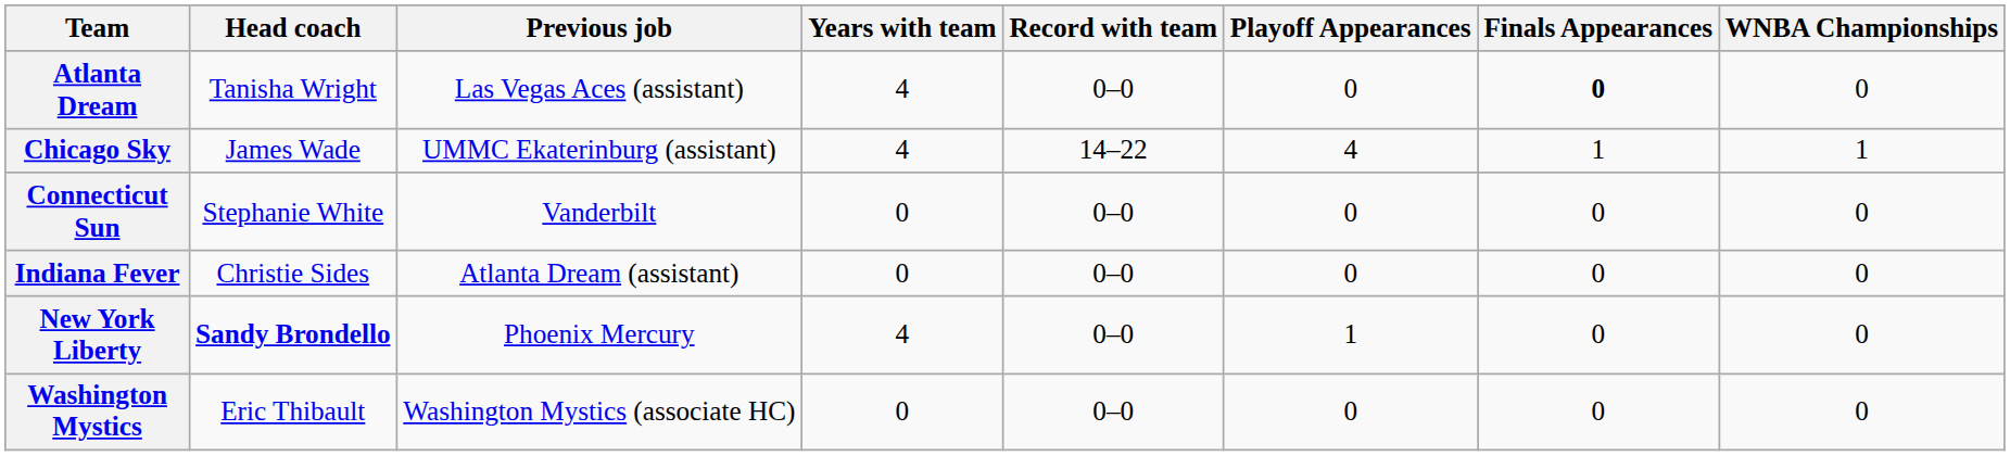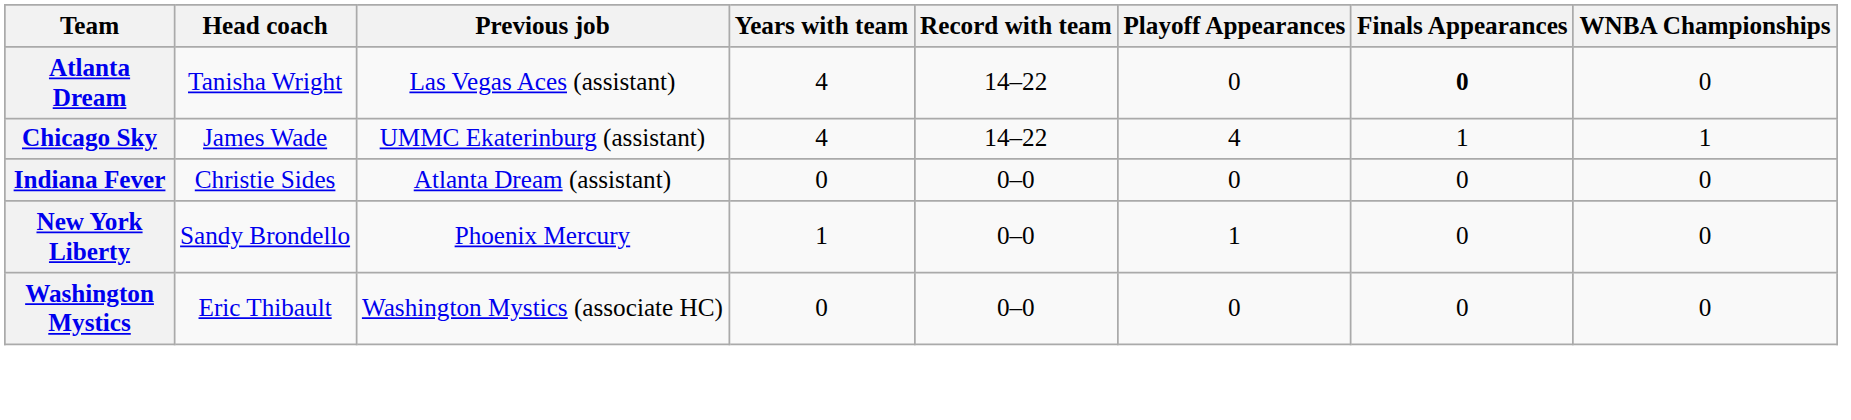 <table class="wikitable sortable" style="text-align: center;font-size:90%;">
 <tr>
 <th width="90">Team</th>
 <th>Head coach</th>
 <th>Previous job</th>
 <th>Years with team</th>
 <th>Record with team</th>
 <th>Playoff Appearances</th>
 <th>Finals Appearances</th>
 <th>WNBA Championships</th>
 </tr>
 <tr>
 <th><a href='#'><span>Atlanta Dream</span></a></th>
 <td><a href='#'>Tanisha Wright</a></td>
 <td><a href='#'>Las Vegas Aces</a> (assistant)</td>
 <td>4</td>
-<td>0–0</td>
+<td>14–22</td>
 <td>0</td>
 <td><strong>0</strong></td>
 <td>0</td>
 </tr>
 <tr>
 <th><a href='#'><span>Chicago Sky</span></a></th>
 <td><a href='#'>James Wade</a></td>
 <td><a href='#'>UMMC Ekaterinburg</a> (assistant)</td>
 <td>4</td>
 <td>14–22</td>
 <td>4</td>
 <td>1</td>
 <td>1</td>
 </tr>
 <tr>
-<th><a href='#'><span>Connecticut Sun</span></a></th>
-<td><a href='#'>Stephanie White</a></td>
-<td><a href='#'>Vanderbilt</a></td>
-<td>0</td>
-<td>0–0</td>
-<td>0</td>
-<td>0</td>
-<td>0</td>
-</tr>
-<tr>
 <th><a href='#'><span>Indiana Fever</span></a></th>
 <td><a href='#'>Christie Sides</a></td>
 <td><a href='#'>Atlanta Dream</a> (assistant)</td>
 <td>0</td>
 <td>0–0</td>
 <td>0</td>
 <td>0</td>
 <td>0</td>
 </tr>
 <tr>
 <th><a href='#'><span>New York Liberty</span></a></th>
-<td><strong><a href='#'>Sandy Brondello</a></strong></td>
+<td><a href='#'>Sandy Brondello</a></td>
 <td><a href='#'>Phoenix Mercury</a></td>
-<td>4</td>
+<td>1</td>
 <td>0–0</td>
 <td>1</td>
 <td>0</td>
 <td>0</td>
 </tr>
 <tr>
 <th><a href='#'><span>Washington Mystics</span></a></th>
 <td><a href='#'>Eric Thibault</a></td>
 <td><a href='#'>Washington Mystics</a> (associate HC)</td>
 <td>0</td>
 <td>0–0</td>
 <td>0</td>
 <td>0</td>
 <td>0</td>
 </tr>
 </table>
